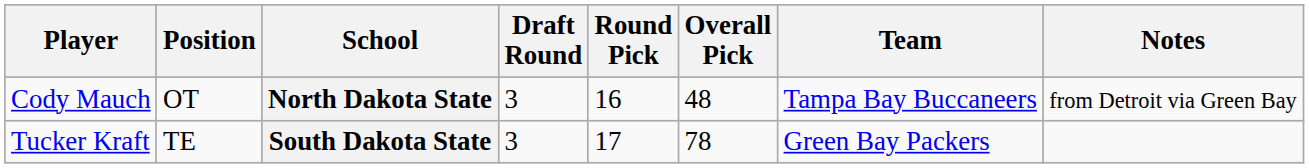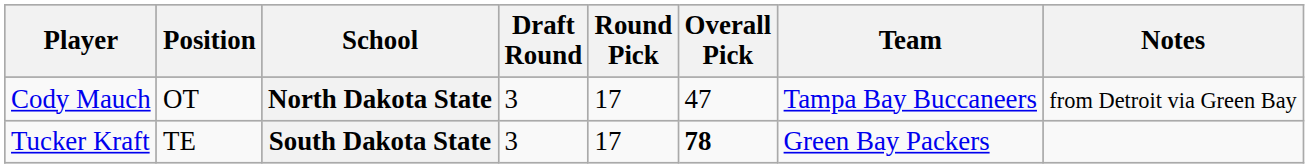 <table class="wikitable sortable" border="1">
 <tr>
 <th>Player</th>
 <th>Position</th>
 <th>School</th>
 <th>Draft<br>Round</th>
 <th>Round<br>Pick</th>
 <th>Overall<br>Pick</th>
 <th>Team</th>
 <th>Notes</th>
 </tr>
 <tr>
 <td><a href='#'>Cody Mauch</a></td>
 <td>OT</td>
 <th>North Dakota State</th>
 <td>3</td>
-<td>16</td>
-<td>48</td>
+<td>17</td>
+<td>47</td>
 <td><a href='#'>Tampa Bay Buccaneers</a></td>
 <td><small>from Detroit via Green Bay</small></td>
 </tr>
 <tr>
 <td><a href='#'>Tucker Kraft</a></td>
 <td>TE</td>
 <th>South Dakota State</th>
 <td>3</td>
 <td>17</td>
-<td>78</td>
+<td><strong>78</strong></td>
 <td><a href='#'>Green Bay Packers</a></td>
 <td></td>
 </tr>
 </table>
